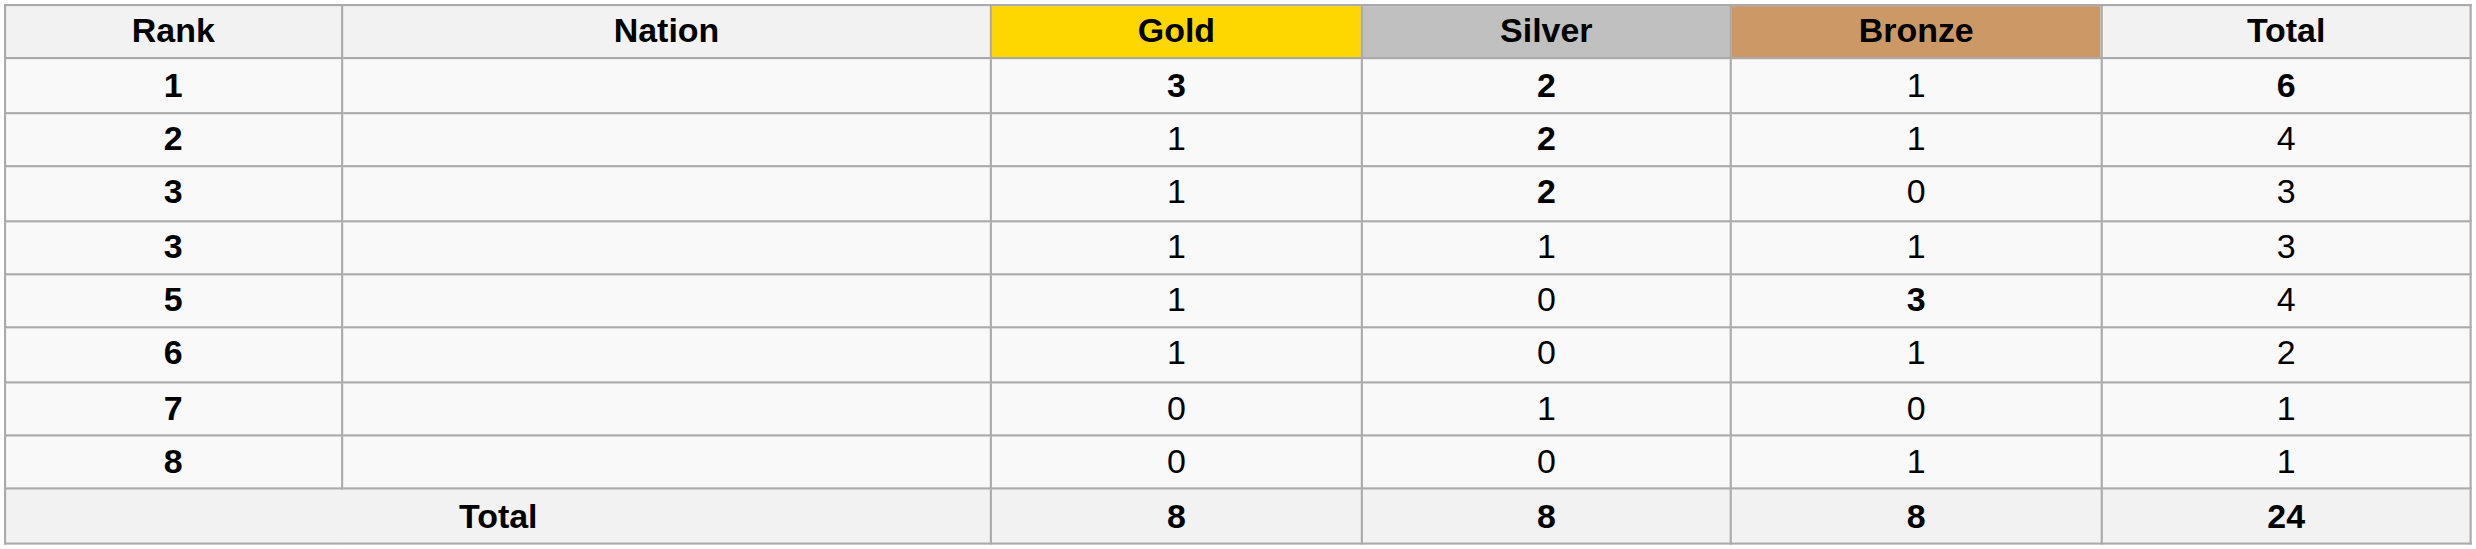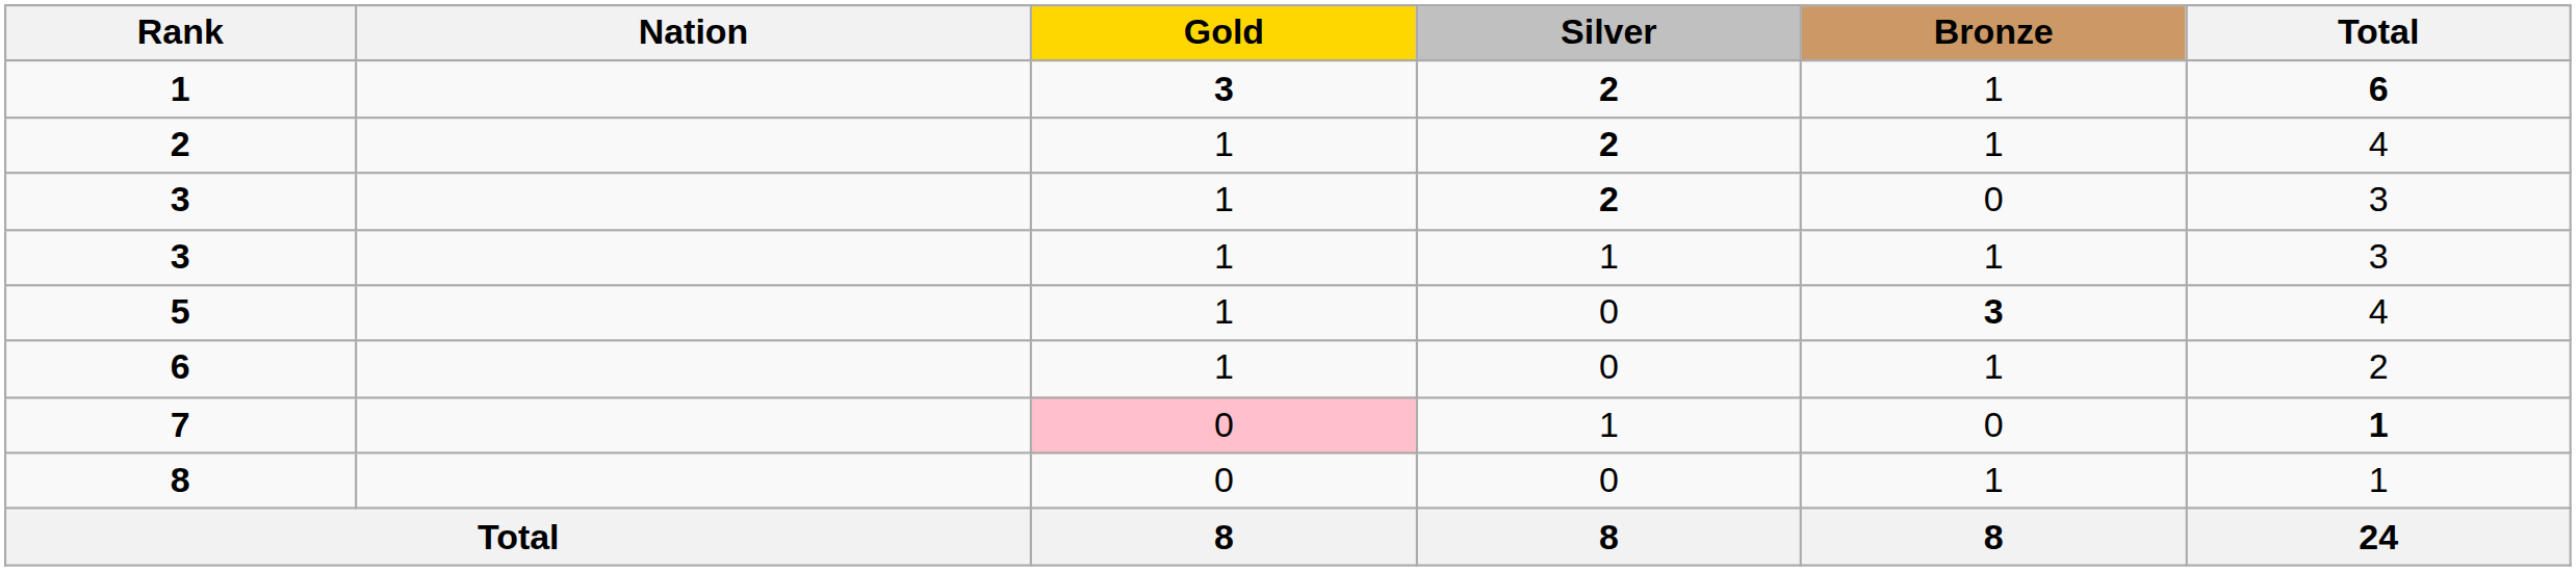 <table class="wikitable collapsible autocollapse plainrowheaders" width=73.5% style="text-align:center;">
 <tr style="background-color:#EDEDED;">
 <th width=100px class="hintergrundfarbe5">Rank</th>
 <th width=200px class="hintergrundfarbe6">Nation</th>
 <th style="background:    gold; width:15%">Gold</th>
 <th style="background:  silver; width:15%">Silver</th>
 <th style="background: #CC9966; width:15%">Bronze</th>
 <th class="hintergrundfarbe6" style="width:15%">Total</th>
 </tr>
 <tr>
 <td><strong>1</strong></td>
 <td align=left></td>
 <td><strong>3</strong></td>
 <td><strong>2</strong></td>
 <td>1</td>
 <td><strong>6</strong></td>
 </tr>
 <tr>
 <td><strong>2</strong></td>
 <td align=left></td>
 <td>1</td>
 <td><strong>2</strong></td>
 <td>1</td>
 <td>4</td>
 </tr>
 <tr>
 <td><strong>3</strong></td>
 <td align=left></td>
 <td>1</td>
 <td><strong>2</strong></td>
 <td>0</td>
 <td>3</td>
 </tr>
 <tr>
 <td><strong>3</strong></td>
 <td align=left></td>
 <td>1</td>
 <td>1</td>
 <td>1</td>
 <td>3</td>
 </tr>
 <tr>
 <td><strong>5</strong></td>
 <td align=left></td>
 <td>1</td>
 <td>0</td>
 <td><strong>3</strong></td>
 <td>4</td>
 </tr>
 <tr>
 <td><strong>6</strong></td>
 <td align=left></td>
 <td>1</td>
 <td>0</td>
 <td>1</td>
 <td>2</td>
 </tr>
 <tr>
 <td><strong>7</strong></td>
 <td align=left></td>
-<td>0</td>
+<td style="background: pink;">0</td>
 <td>1</td>
 <td>0</td>
-<td>1</td>
+<td><strong>1</strong></td>
 </tr>
 <tr>
 <td><strong>8</strong></td>
 <td align=left></td>
 <td>0</td>
 <td>0</td>
 <td>1</td>
 <td>1</td>
 </tr>
 <tr>
 <th colspan=2>Total</th>
 <th>8</th>
 <th>8</th>
 <th>8</th>
 <th>24</th>
 </tr>
 </table>
